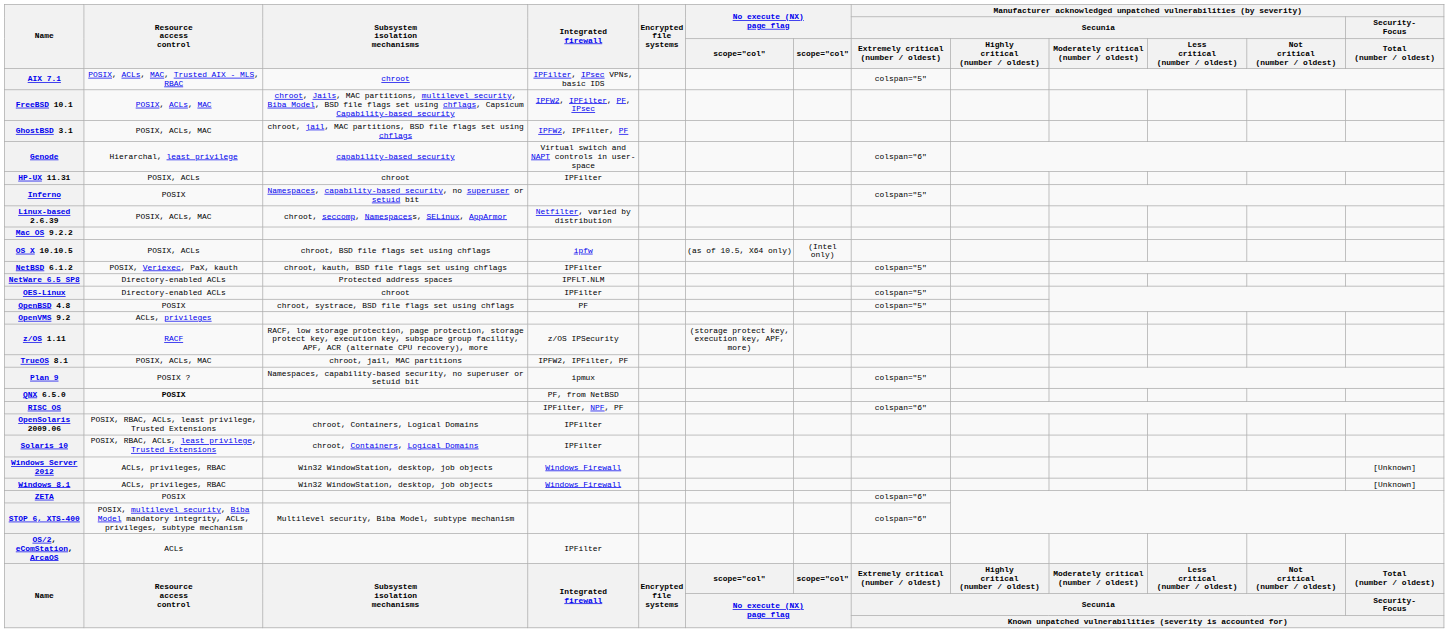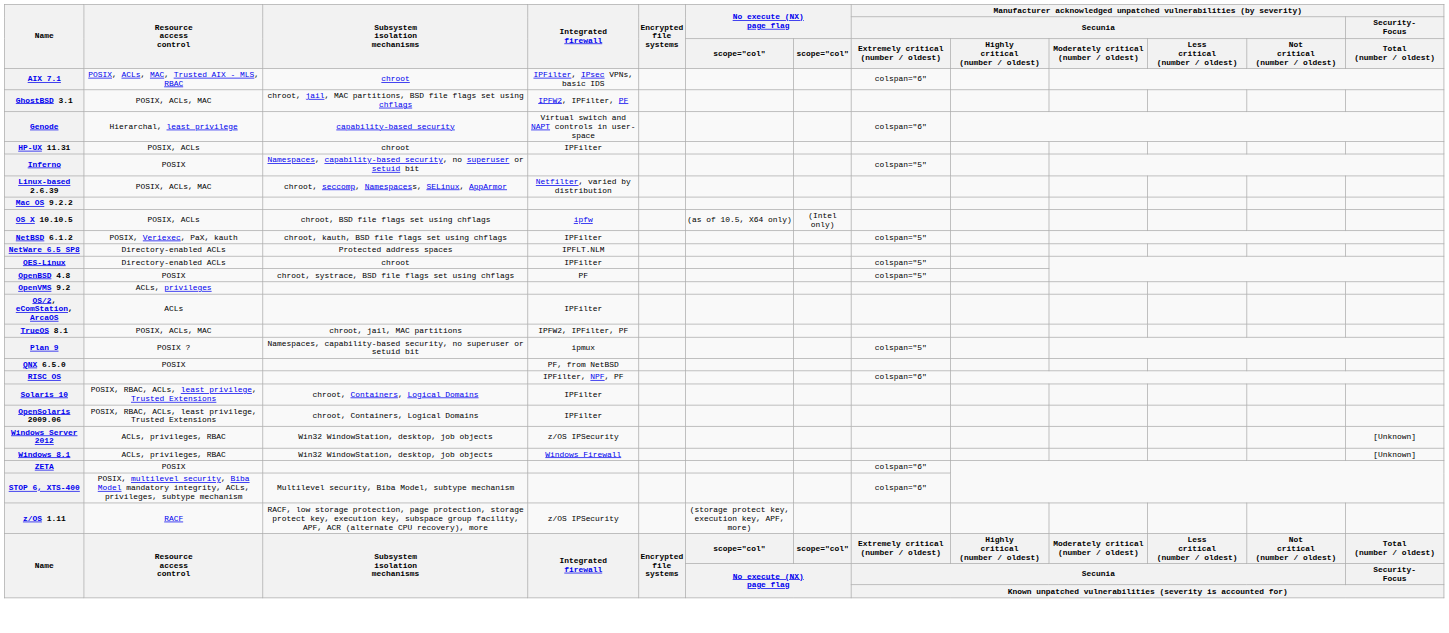 <table class="wikitable" style="font-size: smaller; text-align: center; width: auto">
 <tr>
 <th scope="col" rowspan="3">Name</th>
 <th scope="col" rowspan="3">Resource<br>access<br>control</th>
 <th scope="col" rowspan="3">Subsystem<br>isolation<br>mechanisms</th>
 <th scope="col" rowspan="3">Integrated<br><a href='#'>firewall</a></th>
 <th scope="col" rowspan="3">Encrypted<br>file<br>systems</th>
 <th scope="col" colspan="2" rowspan="2"><a href='#'>No execute (NX)<br>page flag</a></th>
 <th scope="col" colspan="6">Manufacturer acknowledged unpatched vulnerabilities (by severity)</th>
 </tr>
 <tr>
 <th scope="col" colspan="5">Secunia</th>
 <th scope="col">Security-<br>Focus</th>
 </tr>
 <tr>
 <th>scope="col" </th>
 <th>scope="col" </th>
 <th scope="col" style="width:12em">Extremely critical<br>(number / oldest)</th>
 <th scope="col" style="width:12em">Highly<br> critical<br>(number / oldest)</th>
 <th scope="col" style="width:12em">Moderately critical<br>(number / oldest)</th>
 <th scope="col" style="width:12em">Less<br>critical <br>(number / oldest)</th>
 <th scope="col" style="width:12em">Not<br>critical<br>(number / oldest)</th>
 <th scope="col" style="width:12em">Total<br>(number / oldest)</th>
 </tr>
 <tr>
 <th scope="row"><a href='#'>AIX 7.1</a></th>
 <td><a href='#'>POSIX</a>, <a href='#'>ACLs</a>, <a href='#'>MAC</a>, <a href='#'>Trusted AIX - MLS</a>, <a href='#'>RBAC</a></td>
 <td><a href='#'>chroot</a></td>
 <td><a href='#'>IPFilter</a>, <a href='#'>IPsec</a> VPNs, basic IDS</td>
 <td></td>
 <td></td>
 <td></td>
-<td>colspan="5" </td>
-<td></td>
-</tr>
-<tr>
-<th scope="row"><a href='#'>FreeBSD</a> 10.1</th>
-<td><a href='#'>POSIX</a>, <a href='#'>ACLs</a>, <a href='#'>MAC</a></td>
-<td><a href='#'>chroot</a>, <a href='#'>Jails</a>, MAC partitions, <a href='#'>multilevel security</a>, <a href='#'>Biba Model</a>, BSD file flags set using <a href='#'>chflags</a>, Capsicum <a href='#'>Capability-based security</a></td>
-<td><a href='#'>IPFW2</a>, <a href='#'>IPFilter</a>, <a href='#'>PF</a>, <a href='#'>IPsec</a></td>
-<td></td>
-<td></td>
-<td></td>
-<td></td>
-<td></td>
-<td></td>
-<td></td>
-<td></td>
+<td>colspan="6" </td>
 <td></td>
 </tr>
 <tr>
 <th scope="row"><a href='#'>GhostBSD</a> 3.1</th>
 <td>POSIX, ACLs, MAC</td>
 <td>chroot, <a href='#'>jail</a>, MAC partitions, BSD file flags set using <a href='#'>chflags</a></td>
 <td><a href='#'>IPFW2</a>, IPFilter, <a href='#'>PF</a></td>
 <td></td>
 <td></td>
 <td></td>
 <td></td>
 <td></td>
 <td></td>
 <td></td>
 <td></td>
 <td></td>
 </tr>
 <tr>
 <th scope="row"><a href='#'>Genode</a></th>
 <td>Hierarchal, <a href='#'>least privilege</a></td>
 <td><a href='#'>capability-based security</a></td>
 <td>Virtual switch and <a href='#'>NAPT</a> controls in user-space</td>
 <td></td>
 <td></td>
 <td></td>
 <td>colspan="6" </td>
 </tr>
 <tr>
 <th scope="row"><a href='#'>HP-UX</a> 11.31</th>
 <td>POSIX, ACLs</td>
 <td>chroot</td>
 <td>IPFilter</td>
 <td></td>
 <td></td>
 <td></td>
 <td></td>
 <td></td>
 <td><br></td>
 <td><br></td>
 <td></td>
 <td></td>
 </tr>
 <tr>
 <th scope="row"><a href='#'>Inferno</a></th>
 <td>POSIX</td>
 <td><a href='#'>Namespaces</a>, <a href='#'>capability-based security</a>, no <a href='#'>superuser</a> or <a href='#'>setuid</a> bit</td>
 <td></td>
 <td></td>
 <td></td>
 <td></td>
 <td>colspan="5" </td>
 <td></td>
 </tr>
 <tr>
 <th scope="row"><a href='#'>Linux-based</a> 2.6.39</th>
 <td>POSIX, ACLs, MAC</td>
 <td>chroot, <a href='#'>seccomp</a>, <a href='#'>Namespaces</a>s, <a href='#'>SELinux</a>, <a href='#'>AppArmor</a></td>
 <td><a href='#'>Netfilter</a>, varied by distribution</td>
 <td></td>
 <td></td>
 <td></td>
 <td></td>
 <td></td>
 <td></td>
 <td><br></td>
 <td><br></td>
 <td></td>
 </tr>
 <tr>
 <th scope="row"><a href='#'>Mac OS</a> 9.2.2</th>
 <td></td>
 <td></td>
 <td></td>
 <td></td>
 <td></td>
 <td></td>
 <td></td>
 <td></td>
 <td></td>
 <td></td>
 <td></td>
 <td></td>
 </tr>
 <tr>
 <th scope="row"><a href='#'>OS X</a> 10.10.5</th>
 <td>POSIX, ACLs</td>
 <td>chroot, BSD file flags set using chflags</td>
 <td><a href='#'>ipfw</a></td>
 <td></td>
 <td> (as of 10.5, X64 only)</td>
 <td> (Intel only)</td>
 <td></td>
 <td></td>
 <td><br></td>
 <td><br></td>
 <td><br></td>
 <td></td>
 </tr>
 <tr>
 <th scope="row"><a href='#'>NetBSD</a> 6.1.2</th>
 <td>POSIX, <a href='#'>Veriexec</a>, PaX, kauth</td>
 <td>chroot, kauth, BSD file flags set using chflags</td>
 <td>IPFilter</td>
 <td></td>
 <td></td>
 <td></td>
 <td>colspan="5" </td>
 <td></td>
 </tr>
 <tr>
 <th scope="row"><a href='#'>NetWare 6.5 SP8</a></th>
 <td>Directory-enabled ACLs</td>
 <td>Protected address spaces</td>
 <td>IPFLT.NLM</td>
 <td></td>
 <td></td>
 <td></td>
 <td></td>
 <td></td>
 <td><br></td>
 <td><br></td>
 <td></td>
 <td></td>
 </tr>
 <tr>
 <th scope="row"><a href='#'>OES-Linux</a></th>
 <td>Directory-enabled ACLs</td>
 <td>chroot</td>
 <td>IPFilter</td>
 <td></td>
 <td></td>
 <td></td>
 <td>colspan="5" </td>
 <td></td>
 </tr>
 <tr>
 <th scope="row"><a href='#'>OpenBSD</a> 4.8</th>
 <td>POSIX</td>
 <td>chroot, systrace, BSD file flags set using chflags</td>
 <td>PF</td>
 <td></td>
 <td></td>
 <td></td>
 <td>colspan="5" </td>
 <td></td>
 </tr>
 <tr>
 <th scope="row"><a href='#'>OpenVMS</a> 9.2</th>
 <td>ACLs, <a href='#'>privileges</a></td>
 <td></td>
 <td></td>
 <td></td>
 <td></td>
 <td></td>
 <td></td>
 <td></td>
 <td></td>
 <td></td>
 <td></td>
 <td></td>
 </tr>
 <tr>
-<th scope="row"><a href='#'>z/OS</a> 1.11</th>
-<td><a href='#'>RACF</a></td>
-<td>RACF, low storage protection, page protection, storage protect key, execution key, subspace group facility, APF, ACR (alternate CPU recovery), more</td>
-<td>z/OS IPSecurity</td>
+<th scope="row"><a href='#'>OS/2</a>, <a href='#'>eComStation</a>, <a href='#'>ArcaOS</a></th>
+<td>ACLs</td>
 <td></td>
-<td> (storage protect key, execution key, APF, more)</td>
+<td>IPFilter</td>
+<td></td>
+<td></td>
 <td></td>
 <td></td>
 <td></td>
 <td></td>
 <td></td>
 <td></td>
 <td></td>
 </tr>
 <tr>
 <th scope="row"><a href='#'>TrueOS</a> 8.1</th>
 <td>POSIX, ACLs, MAC</td>
 <td>chroot, jail, MAC partitions</td>
 <td>IPFW2, IPFilter, PF</td>
 <td></td>
 <td></td>
 <td></td>
 <td></td>
 <td></td>
 <td></td>
 <td></td>
 <td></td>
 <td></td>
 </tr>
 <tr>
 <th scope="row"><a href='#'>Plan 9</a></th>
 <td>POSIX ?</td>
 <td>Namespaces, capability-based security, no superuser or setuid bit</td>
 <td>ipmux</td>
 <td></td>
 <td></td>
 <td></td>
 <td>colspan="5" </td>
 <td></td>
 </tr>
 <tr>
 <th scope="row"><a href='#'>QNX</a> 6.5.0</th>
-<td><strong>POSIX</strong></td>
+<td>POSIX</td>
 <td></td>
 <td>PF, from NetBSD</td>
 <td></td>
 <td></td>
 <td></td>
 <td></td>
 <td></td>
 <td></td>
 <td><br></td>
 <td><br></td>
 <td></td>
 </tr>
 <tr>
 <th scope="row"><a href='#'>RISC OS</a></th>
 <td></td>
 <td></td>
 <td>IPFilter, <a href='#'>NPF</a>, PF</td>
 <td></td>
 <td></td>
 <td></td>
 <td>colspan="6" </td>
 </tr>
 <tr>
+<th scope="row"><a href='#'>Solaris 10</a></th>
+<td>POSIX, RBAC, ACLs, <a href='#'>least privilege</a>, <a href='#'>Trusted Extensions</a></td>
+<td>chroot, <a href='#'>Containers</a>, <a href='#'>Logical Domains</a></td>
+<td>IPFilter</td>
+<td></td>
+<td></td>
+<td></td>
+<td></td>
+<td><br></td>
+<td><br></td>
+<td><br></td>
+<td><br></td>
+<td></td>
+</tr>
+<tr>
 <th scope="row"><a href='#'>OpenSolaris</a> 2009.06</th>
 <td>POSIX, RBAC, ACLs, least privilege, Trusted Extensions</td>
 <td>chroot, Containers, Logical Domains</td>
 <td>IPFilter</td>
 <td></td>
 <td></td>
 <td></td>
 <td></td>
 <td></td>
 <td></td>
 <td></td>
 <td></td>
 <td></td>
 </tr>
 <tr>
-<th scope="row"><a href='#'>Solaris 10</a></th>
-<td>POSIX, RBAC, ACLs, <a href='#'>least privilege</a>, <a href='#'>Trusted Extensions</a></td>
-<td>chroot, <a href='#'>Containers</a>, <a href='#'>Logical Domains</a></td>
-<td>IPFilter</td>
-<td></td>
-<td></td>
-<td></td>
-<td></td>
-<td><br></td>
-<td><br></td>
-<td><br></td>
-<td><br></td>
-<td></td>
-</tr>
-<tr>
 <th scope="row"><a href='#'>Windows Server 2012</a></th>
 <td>ACLs, privileges, RBAC</td>
 <td>Win32 WindowStation, desktop, job objects</td>
-<td><a href='#'>Windows Firewall</a></td>
+<td>z/OS IPSecurity</td>
 <td></td>
 <td></td>
 <td></td>
 <td></td>
 <td></td>
 <td></td>
 <td></td>
 <td></td>
 <td>[Unknown]</td>
 </tr>
 <tr>
 <th scope="row"><a href='#'>Windows 8.1</a></th>
 <td>ACLs, privileges, RBAC</td>
 <td>Win32 WindowStation, desktop, job objects</td>
 <td><a href='#'>Windows Firewall</a></td>
 <td></td>
 <td></td>
 <td></td>
 <td></td>
 <td></td>
 <td></td>
 <td></td>
 <td><br></td>
 <td>[Unknown]</td>
 </tr>
 <tr>
 <th scope="row"><a href='#'>ZETA</a></th>
 <td>POSIX</td>
 <td></td>
 <td></td>
 <td></td>
 <td></td>
 <td></td>
 <td>colspan="6" </td>
 </tr>
 <tr>
 <th scope="row"><a href='#'>STOP 6, XTS-400</a></th>
 <td>POSIX, <a href='#'>multilevel security</a>, <a href='#'>Biba Model</a> mandatory integrity, ACLs, privileges, subtype mechanism</td>
 <td>Multilevel security, Biba Model, subtype mechanism</td>
 <td></td>
 <td></td>
 <td></td>
 <td></td>
 <td>colspan="6" </td>
 </tr>
 <tr>
-<th scope="row"><a href='#'>OS/2</a>, <a href='#'>eComStation</a>, <a href='#'>ArcaOS</a></th>
-<td>ACLs</td>
+<th scope="row"><a href='#'>z/OS</a> 1.11</th>
+<td><a href='#'>RACF</a></td>
+<td>RACF, low storage protection, page protection, storage protect key, execution key, subspace group facility, APF, ACR (alternate CPU recovery), more</td>
+<td>z/OS IPSecurity</td>
 <td></td>
-<td>IPFilter</td>
-<td></td>
-<td></td>
+<td> (storage protect key, execution key, APF, more)</td>
 <td></td>
 <td></td>
 <td></td>
 <td></td>
 <td></td>
 <td></td>
 <td></td>
 </tr>
 <tr>
 <th scope="col" rowspan="3">Name</th>
 <th scope="col" rowspan="3">Resource<br>access<br>control</th>
 <th scope="col" rowspan="3">Subsystem<br>isolation<br>mechanisms</th>
 <th scope="col" rowspan="3">Integrated<br><a href='#'>firewall</a></th>
 <th scope="col" rowspan="3">Encrypted<br>file<br>systems</th>
 <th>scope="col" </th>
 <th>scope="col" </th>
 <th scope="col" style="width:12em">Extremely critical<br>(number / oldest)</th>
 <th scope="col" style="width:12em">Highly <br> critical<br>(number / oldest)</th>
 <th scope="col" style="width:12em">Moderately critical<br>(number / oldest)</th>
 <th scope="col" style="width:12em">Less<br> critical<br>(number / oldest)</th>
 <th scope="col" style="width:12em">Not <br> critical<br>(number / oldest)</th>
 <th scope="col" style="width:12em">Total<br>(number / oldest)</th>
 </tr>
 <tr>
 <th scope="col" colspan="2" rowspan="2"><a href='#'>No execute (NX)<br>page flag</a></th>
 <th scope="col" colspan="5">Secunia</th>
 <th scope="col">Security-<br> Focus</th>
 </tr>
 <tr>
 <th scope="col" colspan="6">Known unpatched vulnerabilities (severity is accounted for)</th>
 </tr>
 </table>
